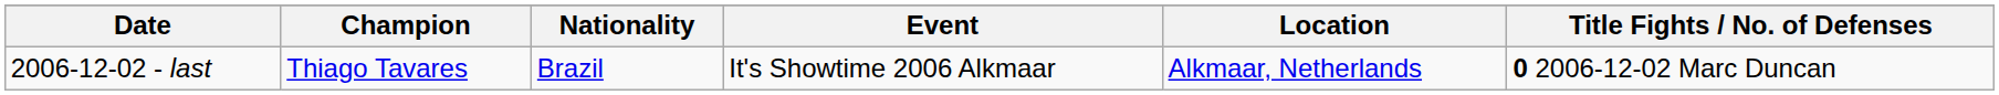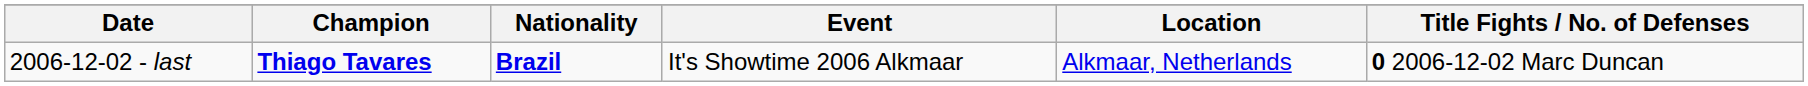 <table class="wikitable" width=95% style="clear:both; margin:1.5em auto; text-align:center;">
 <tr>
 </tr>
 <tr align="center"  bgcolor="#dddddd">
 <th>Date</th>
 <th>Champion</th>
 <th>Nationality</th>
 <th>Event</th>
 <th>Location</th>
 <th>Title Fights / No. of Defenses</th>
 </tr>
 <tr align="left"  bgcolor=>
 <td>2006-12-02 - <em>last</em></td>
-<td><a href='#'>Thiago Tavares</a></td>
-<td> <a href='#'>Brazil</a></td>
+<td><strong><a href='#'>Thiago Tavares</a></strong></td>
+<td><strong> <a href='#'>Brazil</a></strong></td>
 <td align=left>It's Showtime 2006 Alkmaar</td>
 <td align=left><a href='#'>Alkmaar, Netherlands</a></td>
 <td align=left><strong>0</strong> 2006-12-02  Marc Duncan</td>
 </tr>
 </table>
